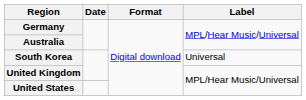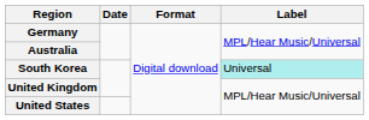 <table class="wikitable plainrowheaders">
 <tr>
 <th scope="col">Region</th>
 <th>Date</th>
 <th>Format</th>
 <th>Label</th>
 </tr>
 <tr>
 <th scope="row">Germany</th>
 <td rowspan="2"></td>
 <td rowspan="5"><a href='#'>Digital download</a></td>
 <td rowspan="2"><a href='#'>MPL</a>/<a href='#'>Hear Music</a>/<a href='#'>Universal</a></td>
 </tr>
 <tr>
 <th scope="row">Australia</th>
 </tr>
 <tr>
 <th scope="row">South Korea</th>
 <td rowspan="2"></td>
-<td>Universal</td>
+<td style="background: paleturquoise;">Universal</td>
 </tr>
 <tr>
 <th scope="row">United Kingdom</th>
 <td rowspan="2">MPL/Hear Music/Universal</td>
 </tr>
 <tr>
 <th scope="row">United States</th>
 <td></td>
 </tr>
 </table>
